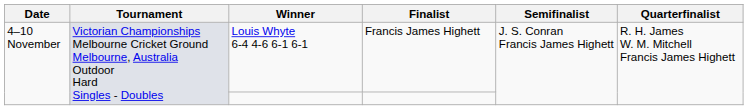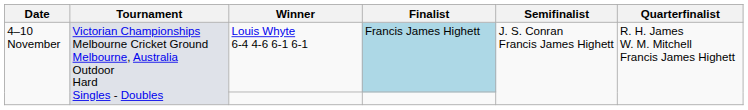 <table class="wikitable" style="font-size:85%;">
 <tr>
 <th width="75">Date</th>
 <th width="230">Tournament</th>
 <th width="210">Winner</th>
 <th width="210">Finalist</th>
 <th width="170">Semifinalist</th>
 <th width="170">Quarterfinalist</th>
 </tr>
 <tr valign=top>
 <td rowspan=2>4–10 November</td>
 <td style="background:#dfe2e9" rowspan=2><a href='#'>Victorian Championships</a><br>Melbourne Cricket Ground<br><a href='#'>Melbourne</a>, <a href='#'>Australia</a><br>Outdoor<br>Hard<br><a href='#'>Singles</a> - <a href='#'>Doubles</a></td>
 <td> <a href='#'>Louis Whyte</a><br>6-4 4-6 6-1 6-1</td>
-<td> Francis James Highett</td>
+<td style="background: lightblue;"> Francis James Highett</td>
 <td rowspan=2> J. S. Conran <br> Francis James Highett</td>
 <td rowspan=2> R. H. James<br>  W. M. Mitchell <br> Francis James Highett <br></td>
 </tr>
 <tr valign=top>
 <td></td>
 <td></td>
 </tr>
 </table>
